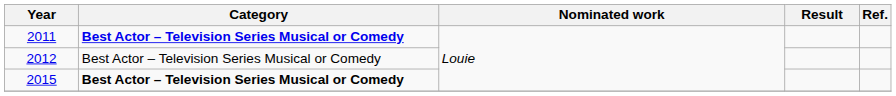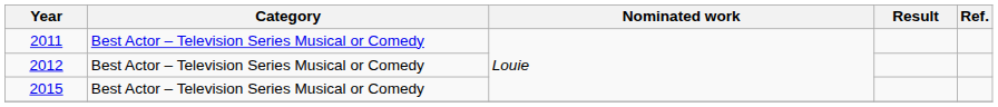 <table class=wikitable>
 <tr>
 <th scope="col" style="width:5em;">Year</th>
 <th scope="col" style="width:26em;">Category</th>
 <th scope="col" style="width:25em;">Nominated work</th>
 <th scope="col" style="width:5em;">Result</th>
 <th>Ref.</th>
 </tr>
 <tr>
 <td style="text-align:center;"><a href='#'>2011</a></td>
-<td><strong><a href='#'>Best Actor – Television Series Musical or Comedy</a></strong></td>
+<td><a href='#'>Best Actor – Television Series Musical or Comedy</a></td>
 <td rowspan=3><em>Louie</em></td>
 <td></td>
 <td style="text-align: center;"></td>
 </tr>
 <tr>
 <td style="text-align:center;"><a href='#'>2012</a></td>
 <td>Best Actor – Television Series Musical or Comedy</td>
 <td></td>
 <td style="text-align: center;"></td>
 </tr>
 <tr>
 <td style="text-align:center;"><a href='#'>2015</a></td>
-<td><strong>Best Actor – Television Series Musical or Comedy</strong></td>
+<td>Best Actor – Television Series Musical or Comedy</td>
 <td></td>
 <td style="text-align: center;"></td>
 </tr>
 <tr>
 </tr>
 </table>
